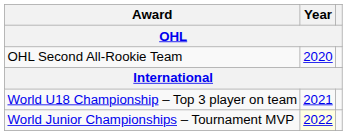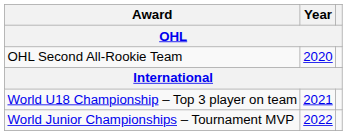 <table class="wikitable">
 <tr>
 <th>Award</th>
 <th>Year</th>
 <th></th>
 </tr>
 <tr>
 <th colspan="3"><a href='#'>OHL</a></th>
 </tr>
 <tr>
 <td>OHL Second All-Rookie Team</td>
 <td><a href='#'>2020</a></td>
 <td></td>
 </tr>
 <tr>
 <th colspan="3"><a href='#'>International</a></th>
 </tr>
 <tr>
 <td><a href='#'>World U18 Championship</a> – Top 3 player on team</td>
 <td><a href='#'>2021</a></td>
 <td></td>
 </tr>
 <tr>
 <td><a href='#'>World Junior Championships</a> – Tournament MVP</td>
-<td style="background: lightyellow;"><a href='#'>2022</a></td>
+<td><a href='#'>2022</a></td>
 <td></td>
 </tr>
 </table>
